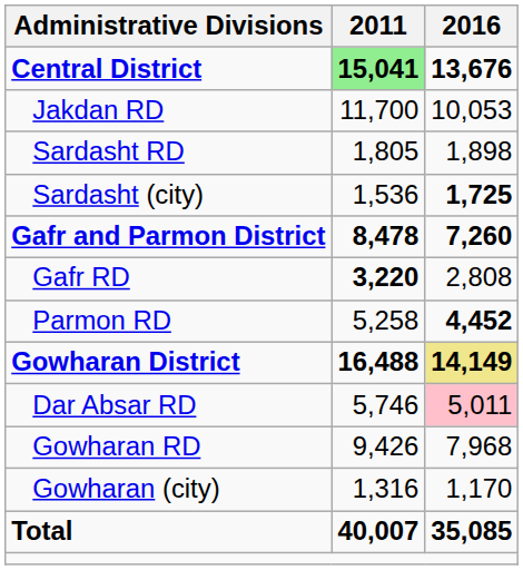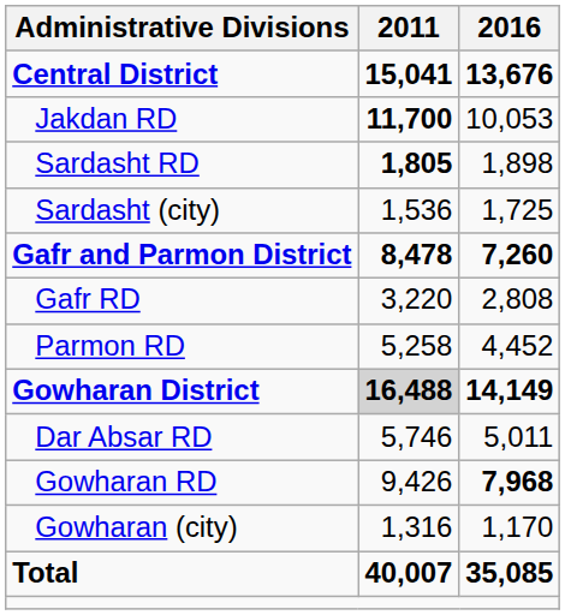 <table class="wikitable">
 <tr>
 <th>Administrative Divisions</th>
 <th>2011</th>
 <th>2016</th>
 </tr>
 <tr>
 <td><strong><a href='#'>Central District</a></strong></td>
-<td style="background: lightgreen; text-align: right;"><strong>15,041</strong></td>
+<td style="text-align: right;"><strong>15,041</strong></td>
 <td style="text-align: right;"><strong>13,676</strong></td>
 </tr>
 <tr>
 <td style="padding-left: 1em;"><a href='#'>Jakdan RD</a></td>
-<td style="text-align: right;">11,700</td>
+<td style="text-align: right;"><strong>11,700</strong></td>
 <td style="text-align: right;">10,053</td>
 </tr>
 <tr>
 <td style="padding-left: 1em;"><a href='#'>Sardasht RD</a></td>
-<td style="text-align: right;">1,805</td>
+<td style="text-align: right;"><strong>1,805</strong></td>
 <td style="text-align: right;">1,898</td>
 </tr>
 <tr>
 <td style="padding-left: 1em;"><a href='#'>Sardasht</a> (city)</td>
 <td style="text-align: right;">1,536</td>
-<td style="text-align: right;"><strong>1,725</strong></td>
+<td style="text-align: right;">1,725</td>
 </tr>
 <tr>
 <td><strong><a href='#'>Gafr and Parmon District</a></strong></td>
 <td style="text-align: right;"><strong>8,478</strong></td>
 <td style="text-align: right;"><strong>7,260</strong></td>
 </tr>
 <tr>
 <td style="padding-left: 1em;"><a href='#'>Gafr RD</a></td>
-<td style="text-align: right;"><strong>3,220</strong></td>
+<td style="text-align: right;">3,220</td>
 <td style="text-align: right;">2,808</td>
 </tr>
 <tr>
 <td style="padding-left: 1em;"><a href='#'>Parmon RD</a></td>
 <td style="text-align: right;">5,258</td>
-<td style="text-align: right;"><strong>4,452</strong></td>
+<td style="text-align: right;">4,452</td>
 </tr>
 <tr>
 <td><strong><a href='#'>Gowharan District</a></strong></td>
-<td style="text-align: right;"><strong>16,488</strong></td>
-<td style="background: khaki; text-align: right;"><strong>14,149</strong></td>
+<td style="background: lightgrey; text-align: right;"><strong>16,488</strong></td>
+<td style="text-align: right;"><strong>14,149</strong></td>
 </tr>
 <tr>
 <td style="padding-left: 1em;"><a href='#'>Dar Absar RD</a></td>
 <td style="text-align: right;">5,746</td>
-<td style="background: pink; text-align: right;">5,011</td>
+<td style="text-align: right;">5,011</td>
 </tr>
 <tr>
 <td style="padding-left: 1em;"><a href='#'>Gowharan RD</a></td>
 <td style="text-align: right;">9,426</td>
-<td style="text-align: right;">7,968</td>
+<td style="text-align: right;"><strong>7,968</strong></td>
 </tr>
 <tr>
 <td style="padding-left: 1em;"><a href='#'>Gowharan</a> (city)</td>
 <td style="text-align: right;">1,316</td>
 <td style="text-align: right;">1,170</td>
 </tr>
 <tr>
 <td><strong>Total</strong></td>
 <td style="text-align: right;"><strong>40,007</strong></td>
 <td style="text-align: right;"><strong>35,085</strong></td>
 </tr>
 <tr>
 <td colspan=4></td>
 </tr>
 </table>
